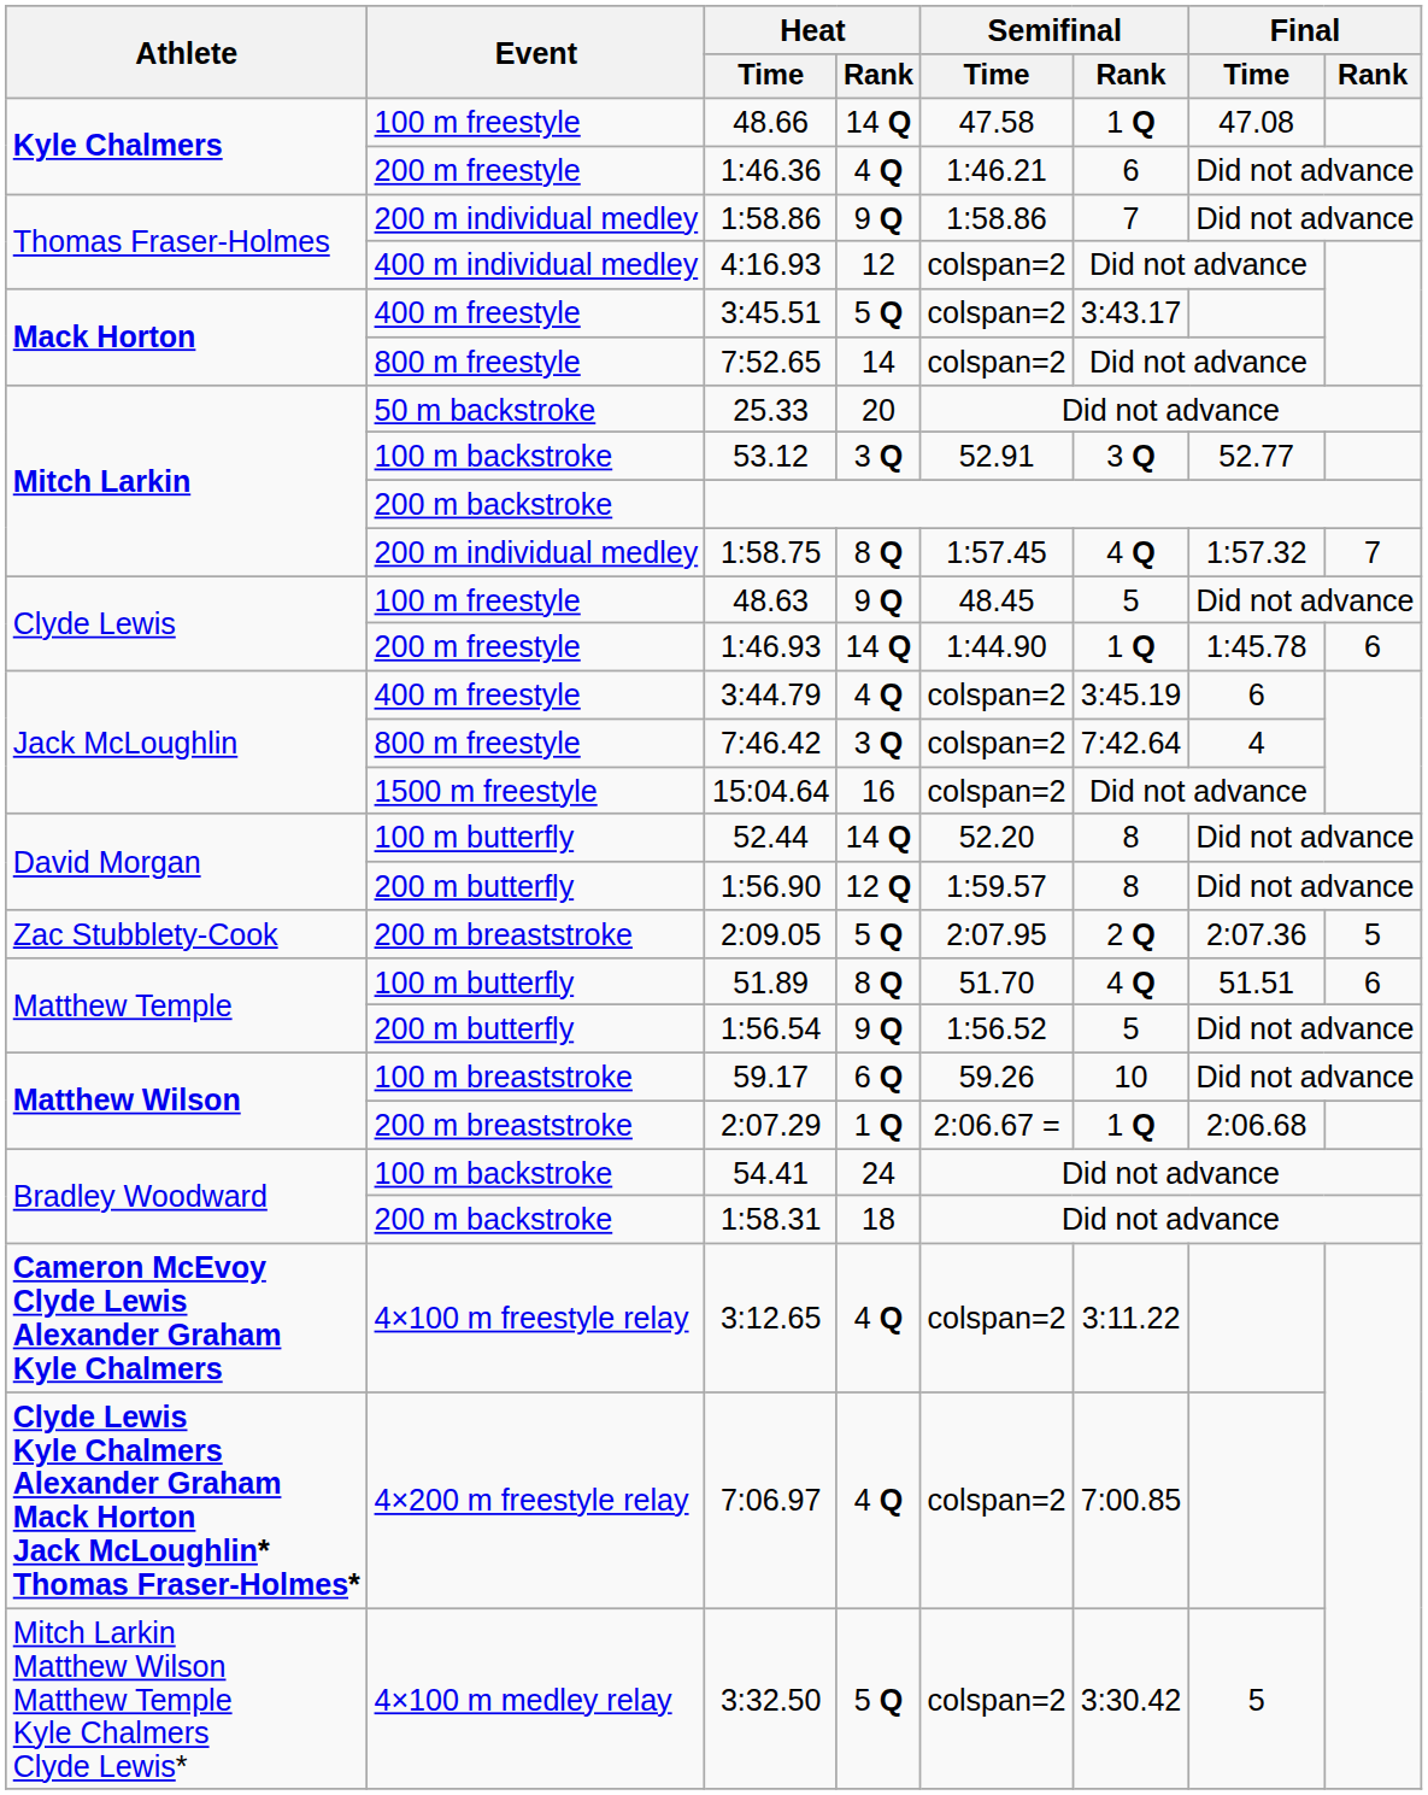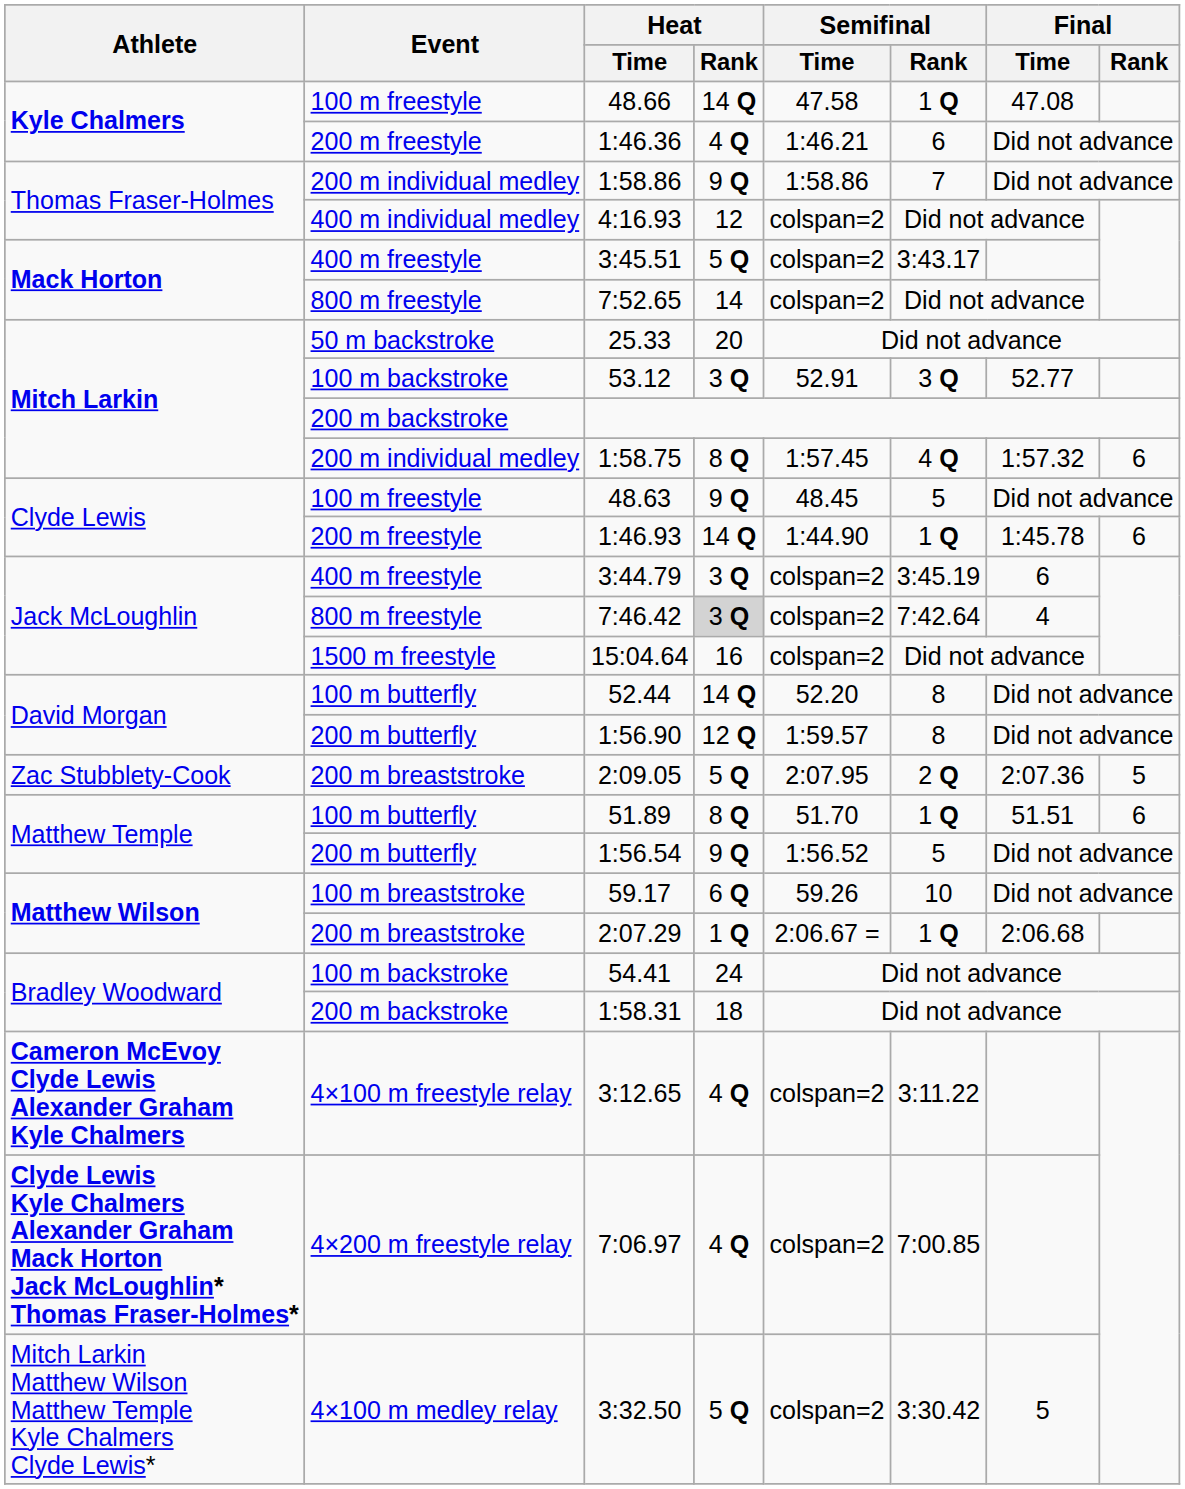 <table class="wikitable" style="text-align:center; font-size:90%">
 <tr>
 <th rowspan="2">Athlete</th>
 <th rowspan="2">Event</th>
 <th colspan="2">Heat</th>
 <th colspan="2">Semifinal</th>
 <th colspan="2">Final</th>
 </tr>
 <tr style="font-size:95%">
 <th>Time</th>
 <th>Rank</th>
 <th>Time</th>
 <th>Rank</th>
 <th>Time</th>
 <th>Rank</th>
 </tr>
 <tr>
 <td align=left rowspan=2><strong><a href='#'>Kyle Chalmers</a></strong></td>
 <td align=left><a href='#'>100 m freestyle</a></td>
 <td>48.66</td>
 <td>14 <strong>Q</strong></td>
 <td>47.58</td>
 <td>1 <strong>Q</strong></td>
 <td>47.08</td>
 <td></td>
 </tr>
 <tr>
 <td align=left><a href='#'>200 m freestyle</a></td>
 <td>1:46.36</td>
 <td>4 <strong>Q</strong></td>
 <td>1:46.21</td>
 <td>6</td>
 <td colspan=2>Did not advance</td>
 </tr>
 <tr>
 <td align=left rowspan=2><a href='#'>Thomas Fraser-Holmes</a></td>
 <td align=left><a href='#'>200 m individual medley</a></td>
 <td>1:58.86</td>
 <td>9 <strong>Q</strong></td>
 <td>1:58.86</td>
 <td>7</td>
 <td colspan=2>Did not advance</td>
 </tr>
 <tr>
 <td align=left><a href='#'>400 m individual medley</a></td>
 <td>4:16.93</td>
 <td>12</td>
 <td>colspan=2 </td>
 <td colspan=2>Did not advance</td>
 </tr>
 <tr>
 <td align=left rowspan=2><strong><a href='#'>Mack Horton</a></strong></td>
 <td align=left><a href='#'>400 m freestyle</a></td>
 <td>3:45.51</td>
 <td>5 <strong>Q</strong></td>
 <td>colspan=2 </td>
 <td>3:43.17</td>
 <td></td>
 </tr>
 <tr>
 <td align=left><a href='#'>800 m freestyle</a></td>
 <td>7:52.65</td>
 <td>14</td>
 <td>colspan=2 </td>
 <td colspan=2>Did not advance</td>
 </tr>
 <tr>
 <td align=left rowspan=4><strong><a href='#'>Mitch Larkin</a></strong></td>
 <td align=left><a href='#'>50 m backstroke</a></td>
 <td>25.33</td>
 <td>20</td>
 <td colspan=4>Did not advance</td>
 </tr>
 <tr>
 <td align=left><a href='#'>100 m backstroke</a></td>
 <td>53.12</td>
 <td>3 <strong>Q</strong></td>
 <td>52.91</td>
 <td>3 <strong>Q</strong></td>
 <td>52.77</td>
 <td></td>
 </tr>
 <tr>
 <td align=left><a href='#'>200 m backstroke</a></td>
 <td colspan=6></td>
 </tr>
 <tr>
 <td align=left><a href='#'>200 m individual medley</a></td>
 <td>1:58.75</td>
 <td>8 <strong>Q</strong></td>
 <td>1:57.45</td>
 <td>4 <strong>Q</strong></td>
 <td>1:57.32</td>
-<td>7</td>
+<td>6</td>
 </tr>
 <tr>
 <td align=left rowspan=2><a href='#'>Clyde Lewis</a></td>
 <td align=left><a href='#'>100 m freestyle</a></td>
 <td>48.63</td>
 <td>9 <strong>Q</strong></td>
 <td>48.45</td>
 <td>5</td>
 <td colspan=2>Did not advance</td>
 </tr>
 <tr>
 <td align=left><a href='#'>200 m freestyle</a></td>
 <td>1:46.93</td>
 <td>14 <strong>Q</strong></td>
 <td>1:44.90</td>
 <td>1 <strong>Q</strong></td>
 <td>1:45.78</td>
 <td>6</td>
 </tr>
 <tr>
 <td align=left rowspan=3><a href='#'>Jack McLoughlin</a></td>
 <td align=left><a href='#'>400 m freestyle</a></td>
 <td>3:44.79</td>
-<td>4 <strong>Q</strong></td>
+<td>3 <strong>Q</strong></td>
 <td>colspan=2 </td>
 <td>3:45.19</td>
 <td>6</td>
 </tr>
 <tr>
 <td align=left><a href='#'>800 m freestyle</a></td>
 <td>7:46.42</td>
-<td>3 <strong>Q</strong></td>
+<td style="background: lightgrey;">3 <strong>Q</strong></td>
 <td>colspan=2 </td>
 <td>7:42.64</td>
 <td>4</td>
 </tr>
 <tr>
 <td align=left><a href='#'>1500 m freestyle</a></td>
 <td>15:04.64</td>
 <td>16</td>
 <td>colspan=2 </td>
 <td colspan=2>Did not advance</td>
 </tr>
 <tr>
 <td align=left rowspan=2><a href='#'>David Morgan</a></td>
 <td align=left><a href='#'>100 m butterfly</a></td>
 <td>52.44</td>
 <td>14 <strong>Q</strong></td>
 <td>52.20</td>
 <td>8</td>
 <td colspan=2>Did not advance</td>
 </tr>
 <tr>
 <td align=left><a href='#'>200 m butterfly</a></td>
 <td>1:56.90</td>
 <td>12 <strong>Q</strong></td>
 <td>1:59.57</td>
 <td>8</td>
 <td colspan=2>Did not advance</td>
 </tr>
 <tr>
 <td align=left><a href='#'>Zac Stubblety-Cook</a></td>
 <td align=left><a href='#'>200 m breaststroke</a></td>
 <td>2:09.05</td>
 <td>5 <strong>Q</strong></td>
 <td>2:07.95</td>
 <td>2 <strong>Q</strong></td>
 <td>2:07.36</td>
 <td>5</td>
 </tr>
 <tr>
 <td align=left rowspan=2><a href='#'>Matthew Temple</a></td>
 <td align=left><a href='#'>100 m butterfly</a></td>
 <td>51.89</td>
 <td>8 <strong>Q</strong></td>
 <td>51.70</td>
-<td>4 <strong>Q</strong></td>
+<td>1 <strong>Q</strong></td>
 <td>51.51</td>
 <td>6</td>
 </tr>
 <tr>
 <td align=left><a href='#'>200 m butterfly</a></td>
 <td>1:56.54</td>
 <td>9 <strong>Q</strong></td>
 <td>1:56.52</td>
 <td>5</td>
 <td colspan=2>Did not advance</td>
 </tr>
 <tr>
 <td align=left rowspan=2><strong><a href='#'>Matthew Wilson</a></strong></td>
 <td align=left><a href='#'>100 m breaststroke</a></td>
 <td>59.17</td>
 <td>6 <strong>Q</strong></td>
 <td>59.26</td>
 <td>10</td>
 <td colspan=2>Did not advance</td>
 </tr>
 <tr>
 <td align=left><a href='#'>200 m breaststroke</a></td>
 <td>2:07.29</td>
 <td>1 <strong>Q</strong></td>
 <td>2:06.67 =</td>
 <td>1 <strong>Q</strong></td>
 <td>2:06.68</td>
 <td></td>
 </tr>
 <tr>
 <td align=left rowspan=2><a href='#'>Bradley Woodward</a></td>
 <td align=left><a href='#'>100 m backstroke</a></td>
 <td>54.41</td>
 <td>24</td>
 <td colspan=4>Did not advance</td>
 </tr>
 <tr>
 <td align=left><a href='#'>200 m backstroke</a></td>
 <td>1:58.31</td>
 <td>18</td>
 <td colspan=4>Did not advance</td>
 </tr>
 <tr>
 <td align=left><strong><a href='#'>Cameron McEvoy</a><br><a href='#'>Clyde Lewis</a><br><a href='#'>Alexander Graham</a><br><a href='#'>Kyle Chalmers</a></strong></td>
 <td align=left><a href='#'>4×100 m freestyle relay</a></td>
 <td>3:12.65</td>
 <td>4 <strong>Q</strong></td>
 <td>colspan=2 </td>
 <td>3:11.22</td>
 <td></td>
 </tr>
 <tr>
 <td align=left><strong><a href='#'>Clyde Lewis</a><br><a href='#'>Kyle Chalmers</a><br><a href='#'>Alexander Graham</a><br><a href='#'>Mack Horton</a><br><a href='#'>Jack McLoughlin</a>*<br><a href='#'>Thomas Fraser-Holmes</a>*</strong></td>
 <td align=left><a href='#'>4×200 m freestyle relay</a></td>
 <td>7:06.97</td>
 <td>4 <strong>Q</strong></td>
 <td>colspan=2 </td>
 <td>7:00.85</td>
 <td></td>
 </tr>
 <tr>
 <td align=left><a href='#'>Mitch Larkin</a><br><a href='#'>Matthew Wilson</a><br><a href='#'>Matthew Temple</a><br><a href='#'>Kyle Chalmers</a><br><a href='#'>Clyde Lewis</a>*</td>
 <td align=left><a href='#'>4×100 m medley relay</a></td>
 <td>3:32.50</td>
 <td>5 <strong>Q</strong></td>
 <td>colspan=2 </td>
 <td>3:30.42</td>
 <td>5</td>
 </tr>
 </table>
